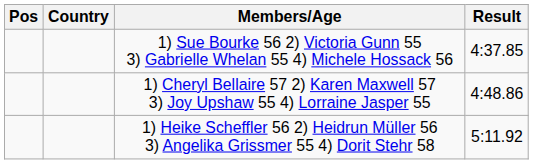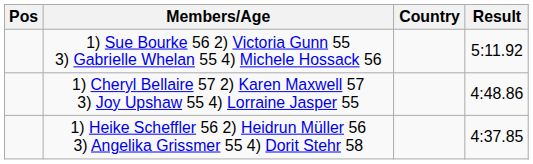 <table class="wikitable"  style="text-align:center; width:60%;">
 <tr>
 <th>Pos</th>
+<th>Members/Age</th>
 <th>Country</th>
-<th>Members/Age</th>
 <th>Result</th>
 </tr>
 <tr>
 <td align=center></td>
+<td>1) <a href='#'>Sue Bourke</a> 56 2) <a href='#'>Victoria Gunn</a> 55<br>3) <a href='#'>Gabrielle Whelan</a> 55 4) <a href='#'>Michele Hossack</a> 56</td>
 <td align=left></td>
-<td>1) <a href='#'>Sue Bourke</a> 56 2) <a href='#'>Victoria Gunn</a> 55<br>3) <a href='#'>Gabrielle Whelan</a> 55 4) <a href='#'>Michele Hossack</a> 56</td>
-<td>4:37.85</td>
+<td>5:11.92</td>
 </tr>
 <tr>
 <td align=center></td>
+<td>1) <a href='#'>Cheryl Bellaire</a> 57 2) <a href='#'>Karen Maxwell</a> 57<br>3) <a href='#'>Joy Upshaw</a> 55 4) <a href='#'>Lorraine Jasper</a> 55</td>
 <td align=left></td>
-<td>1) <a href='#'>Cheryl Bellaire</a> 57 2) <a href='#'>Karen Maxwell</a> 57<br>3) <a href='#'>Joy Upshaw</a> 55 4) <a href='#'>Lorraine Jasper</a> 55</td>
 <td>4:48.86</td>
 </tr>
 <tr>
 <td align=center></td>
+<td>1) <a href='#'>Heike Scheffler</a> 56 2) <a href='#'>Heidrun Müller</a> 56<br>3) <a href='#'>Angelika Grissmer</a> 55 4) <a href='#'>Dorit Stehr</a> 58</td>
 <td align=left></td>
-<td>1) <a href='#'>Heike Scheffler</a> 56 2) <a href='#'>Heidrun Müller</a> 56<br>3) <a href='#'>Angelika Grissmer</a> 55 4) <a href='#'>Dorit Stehr</a> 58</td>
-<td>5:11.92</td>
+<td>4:37.85</td>
 </tr>
 </table>
